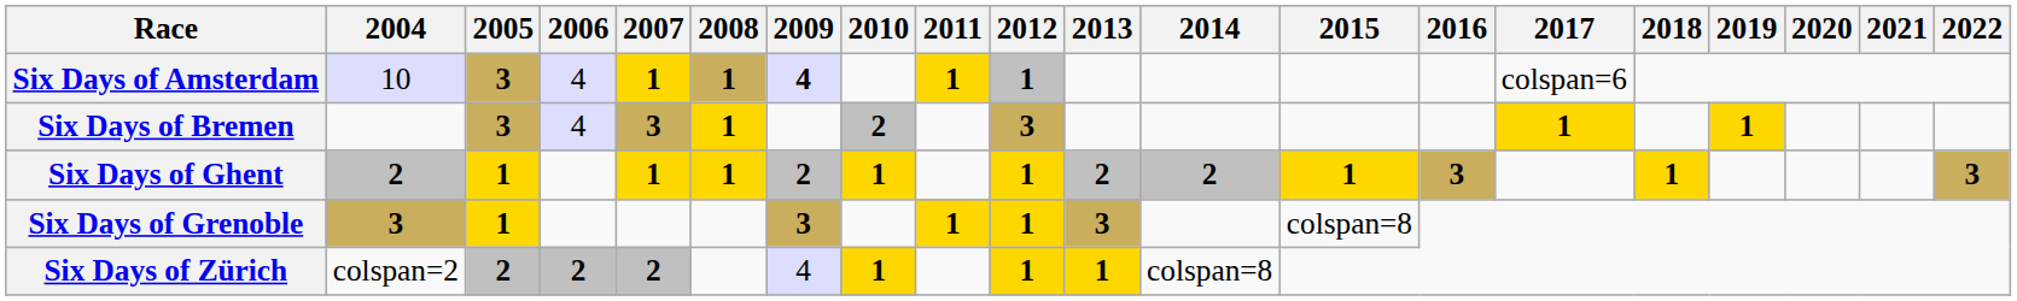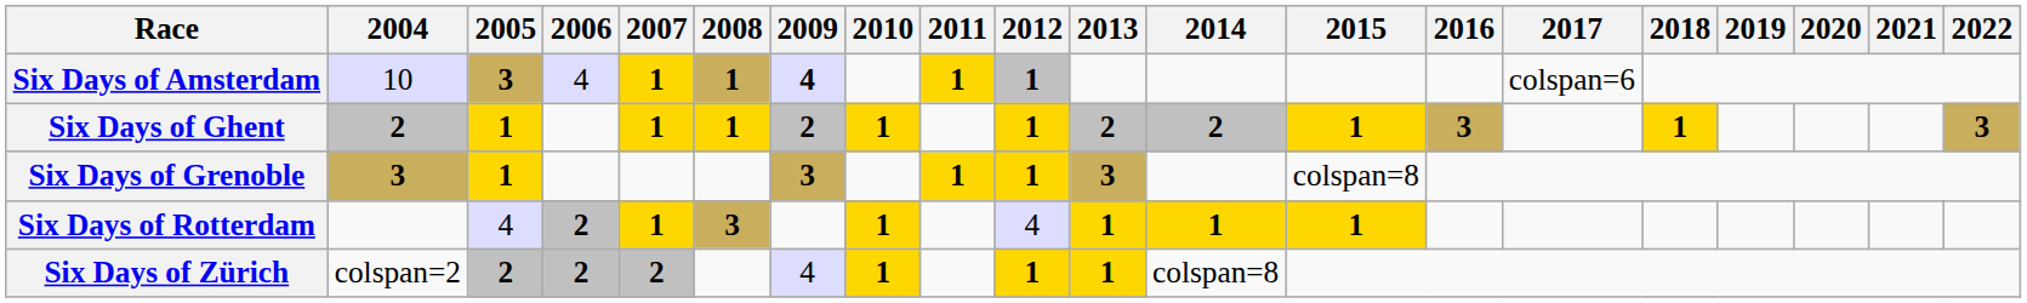 <table class="wikitable plainrowheaders">
 <tr>
 <th scope="col">Race</th>
 <th scope="col">2004</th>
 <th scope="col">2005</th>
 <th scope="col">2006</th>
 <th scope="col">2007</th>
 <th scope="col">2008</th>
 <th scope="col">2009</th>
 <th scope="col">2010</th>
 <th scope="col">2011</th>
 <th scope="col">2012</th>
 <th scope="col">2013</th>
 <th scope="col">2014</th>
 <th scope="col">2015</th>
 <th scope="col">2016</th>
 <th scope="col">2017</th>
 <th scope="col">2018</th>
 <th scope="col">2019</th>
 <th scope="col">2020</th>
 <th scope="col">2021</th>
 <th scope="col">2022</th>
 </tr>
 <tr style="text-align:center;">
 <th scope="row"><a href='#'>Six Days of Amsterdam</a></th>
 <td style="background:#ddf;">10</td>
 <td style="background:#C9AE5D;"><strong>3</strong></td>
 <td style="background:#ddf;">4</td>
 <td style="background:gold;"><strong>1</strong></td>
 <td style="background:#C9AE5D;"><strong>1</strong></td>
 <td style="background:#ddf;"><strong>4</strong></td>
 <td></td>
 <td style="background:gold;"><strong>1</strong></td>
 <td style="background:#C0C0C0;"><strong>1</strong></td>
 <td></td>
 <td></td>
 <td></td>
 <td></td>
 <td>colspan=6 </td>
 </tr>
 <tr style="text-align:center;">
-<th scope="row"><a href='#'>Six Days of Bremen</a></th>
-<td></td>
-<td style="background:#C9AE5D;"><strong>3</strong></td>
-<td style="background:#ddf;">4</td>
-<td style="background:#C9AE5D;"><strong>3</strong></td>
-<td style="background:gold;"><strong>1</strong></td>
-<td></td>
-<td style="background:#C0C0C0;"><strong>2</strong></td>
-<td></td>
-<td style="background:#C9AE5D;"><strong>3</strong></td>
-<td></td>
-<td></td>
-<td></td>
-<td></td>
-<td style="background:gold;"><strong>1</strong></td>
-<td></td>
-<td style="background:gold;"><strong>1</strong></td>
-<td></td>
-<td></td>
-<td></td>
-</tr>
-<tr style="text-align:center;">
 <th scope="row"><a href='#'>Six Days of Ghent</a></th>
 <td style="background:#C0C0C0;"><strong>2</strong></td>
 <td style="background:gold;"><strong>1</strong></td>
 <td></td>
 <td style="background:gold;"><strong>1</strong></td>
 <td style="background:gold;"><strong>1</strong></td>
 <td style="background:#C0C0C0;"><strong>2</strong></td>
 <td style="background:gold;"><strong>1</strong></td>
 <td></td>
 <td style="background:gold;"><strong>1</strong></td>
 <td style="background:#C0C0C0;"><strong>2</strong></td>
 <td style="background:#C0C0C0;"><strong>2</strong></td>
 <td style="background:gold;"><strong>1</strong></td>
 <td style="background:#C9AE5D;"><strong>3</strong></td>
 <td></td>
 <td style="background:gold;"><strong>1</strong></td>
 <td></td>
 <td></td>
 <td></td>
 <td style="background:#C9AE5D;"><strong>3</strong></td>
 </tr>
 <tr style="text-align:center;">
 <th scope="row"><a href='#'>Six Days of Grenoble</a></th>
 <td style="background:#C9AE5D;"><strong>3</strong></td>
 <td style="background:gold;"><strong>1</strong></td>
 <td></td>
 <td></td>
 <td></td>
 <td style="background:#C9AE5D;"><strong>3</strong></td>
 <td></td>
 <td style="background:gold;"><strong>1</strong></td>
 <td style="background:gold;"><strong>1</strong></td>
 <td style="background:#C9AE5D;"><strong>3</strong></td>
 <td></td>
 <td>colspan=8 </td>
 </tr>
 <tr style="text-align:center;">
+<th scope="row"><a href='#'>Six Days of Rotterdam</a></th>
+<td></td>
+<td style="background:#ddf;">4</td>
+<td style="background:#C0C0C0;"><strong>2</strong></td>
+<td style="background:gold;"><strong>1</strong></td>
+<td style="background:#C9AE5D;"><strong>3</strong></td>
+<td></td>
+<td style="background:gold;"><strong>1</strong></td>
+<td></td>
+<td style="background:#ddf;">4</td>
+<td style="background:gold;"><strong>1</strong></td>
+<td style="background:gold;"><strong>1</strong></td>
+<td style="background:gold;"><strong>1</strong></td>
+<td></td>
+<td></td>
+<td></td>
+<td></td>
+<td></td>
+<td></td>
+<td></td>
+</tr>
+<tr style="text-align:center;">
 <th scope="row"><a href='#'>Six Days of Zürich</a></th>
 <td>colspan=2 </td>
 <td style="background:#C0C0C0;"><strong>2</strong></td>
 <td style="background:#C0C0C0;"><strong>2</strong></td>
 <td style="background:#C0C0C0;"><strong>2</strong></td>
 <td></td>
 <td style="background:#ddf;">4</td>
 <td style="background:gold;"><strong>1</strong></td>
 <td></td>
 <td style="background:gold;"><strong>1</strong></td>
 <td style="background:gold;"><strong>1</strong></td>
 <td>colspan=8 </td>
 </tr>
 </table>
